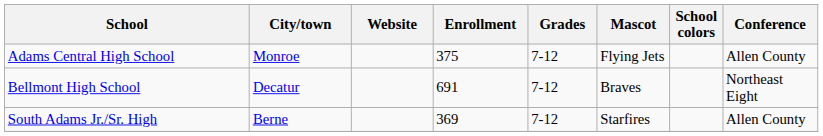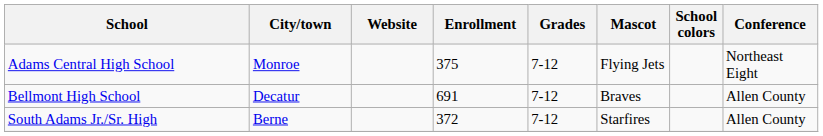 <table class="wikitable sortable" width="70%">
 <tr>
 <th width="20%">School</th>
 <th width="08%">City/town</th>
 <th width="06%">Website</th>
 <th width="04%">Enrollment</th>
 <th width="04%">Grades</th>
 <th width="04%">Mascot</th>
 <th width=01%>School colors</th>
 <th width="04%">Conference</th>
 </tr>
 <tr>
 <td><a href='#'>Adams Central High School</a></td>
 <td><a href='#'>Monroe</a></td>
 <td></td>
 <td>375</td>
 <td>7-12</td>
 <td>Flying Jets</td>
 <td> </td>
-<td>Allen County</td>
+<td>Northeast Eight</td>
 </tr>
 <tr>
 <td><a href='#'>Bellmont High School</a></td>
 <td><a href='#'>Decatur</a></td>
 <td></td>
 <td>691</td>
 <td>7-12</td>
 <td>Braves</td>
 <td>  </td>
-<td>Northeast Eight</td>
+<td>Allen County</td>
 </tr>
 <tr>
 <td><a href='#'>South Adams Jr./Sr. High</a></td>
 <td><a href='#'>Berne</a></td>
 <td></td>
-<td>369</td>
+<td>372</td>
 <td>7-12</td>
 <td>Starfires</td>
 <td> </td>
 <td>Allen County</td>
 </tr>
 <tr>
 </tr>
 </table>
